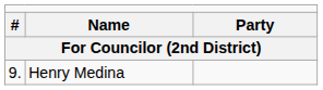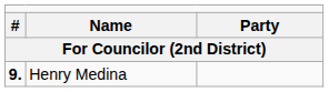 <table class=wikitable style="font-size:90%">
 <tr>
 <td colspan=4 bgcolor=></td>
 </tr>
 <tr>
 <th>#</th>
 <th width=150px>Name</th>
 <th colspan=2 width=110px>Party</th>
 </tr>
 <tr>
 <th colspan=5>For Councilor (2nd District)</th>
 </tr>
 <tr>
-<td>9.</td>
+<td><strong>9.</strong></td>
 <td>Henry Medina</td>
 <td></td>
 </tr>
 </table>
